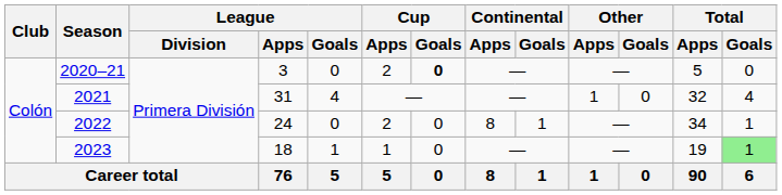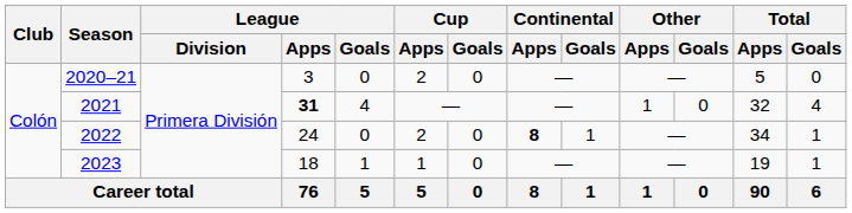 <table class="wikitable" style="text-align:center">
 <tr>
 <th rowspan="2">Club</th>
 <th rowspan="2">Season</th>
 <th colspan="3">League</th>
 <th colspan="2">Cup</th>
 <th colspan="2">Continental</th>
 <th colspan="2">Other</th>
 <th colspan="2">Total</th>
 </tr>
 <tr>
 <th>Division</th>
 <th>Apps</th>
 <th>Goals</th>
 <th>Apps</th>
 <th>Goals</th>
 <th>Apps</th>
 <th>Goals</th>
 <th>Apps</th>
 <th>Goals</th>
 <th>Apps</th>
 <th>Goals</th>
 </tr>
 <tr>
 <td rowspan="4"><a href='#'>Colón</a></td>
 <td><a href='#'>2020–21</a></td>
 <td rowspan="4"><a href='#'>Primera División</a></td>
 <td>3</td>
 <td>0</td>
 <td>2</td>
-<td><strong>0</strong></td>
+<td>0</td>
 <td colspan="2">—</td>
 <td colspan="2">—</td>
 <td>5</td>
 <td>0</td>
 </tr>
 <tr>
 <td><a href='#'>2021</a></td>
-<td>31</td>
+<td><strong>31</strong></td>
 <td>4</td>
 <td colspan="2">—</td>
 <td colspan="2">—</td>
 <td>1</td>
 <td>0</td>
 <td>32</td>
 <td>4</td>
 </tr>
 <tr>
 <td><a href='#'>2022</a></td>
 <td>24</td>
 <td>0</td>
 <td>2</td>
 <td>0</td>
-<td>8</td>
+<td><strong>8</strong></td>
 <td>1</td>
 <td colspan="2">—</td>
 <td>34</td>
 <td>1</td>
 </tr>
 <tr>
 <td><a href='#'>2023</a></td>
 <td>18</td>
 <td>1</td>
 <td>1</td>
 <td>0</td>
 <td colspan="2">—</td>
 <td colspan="2">—</td>
 <td>19</td>
-<td style="background: lightgreen;">1</td>
+<td>1</td>
 </tr>
 <tr>
 <th colspan="3">Career total</th>
 <th>76</th>
 <th>5</th>
 <th>5</th>
 <th>0</th>
 <th>8</th>
 <th>1</th>
 <th>1</th>
 <th>0</th>
 <th>90</th>
 <th>6</th>
 </tr>
 </table>
